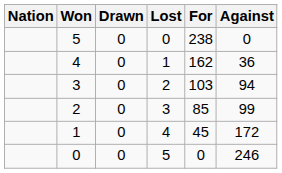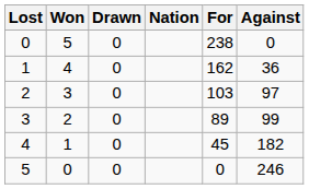 <table class="wikitable" style="text-align: center;">
 <tr>
-<th>Nation</th>
+<th>Lost</th>
 <th>Won</th>
 <th>Drawn</th>
-<th>Lost</th>
+<th>Nation</th>
 <th>For</th>
 <th>Against</th>
 </tr>
 <tr>
-<td align="left"></td>
+<td>0</td>
 <td>5</td>
 <td>0</td>
-<td>0</td>
+<td align="left"></td>
 <td>238</td>
 <td>0</td>
 </tr>
 <tr>
-<td align="left"></td>
+<td>1</td>
 <td>4</td>
 <td>0</td>
-<td>1</td>
+<td align="left"></td>
 <td>162</td>
 <td>36</td>
 </tr>
 <tr>
-<td align="left"></td>
+<td>2</td>
 <td>3</td>
 <td>0</td>
-<td>2</td>
+<td align="left"></td>
 <td>103</td>
-<td>94</td>
+<td>97</td>
 </tr>
 <tr>
-<td align="left"></td>
+<td>3</td>
 <td>2</td>
 <td>0</td>
-<td>3</td>
-<td>85</td>
+<td align="left"></td>
+<td>89</td>
 <td>99</td>
 </tr>
 <tr>
-<td align="left"></td>
+<td>4</td>
 <td>1</td>
 <td>0</td>
-<td>4</td>
+<td align="left"></td>
 <td>45</td>
-<td>172</td>
+<td>182</td>
 </tr>
 <tr>
-<td align="left"></td>
+<td>5</td>
 <td>0</td>
 <td>0</td>
-<td>5</td>
+<td align="left"></td>
 <td>0</td>
 <td>246</td>
 </tr>
 </table>
